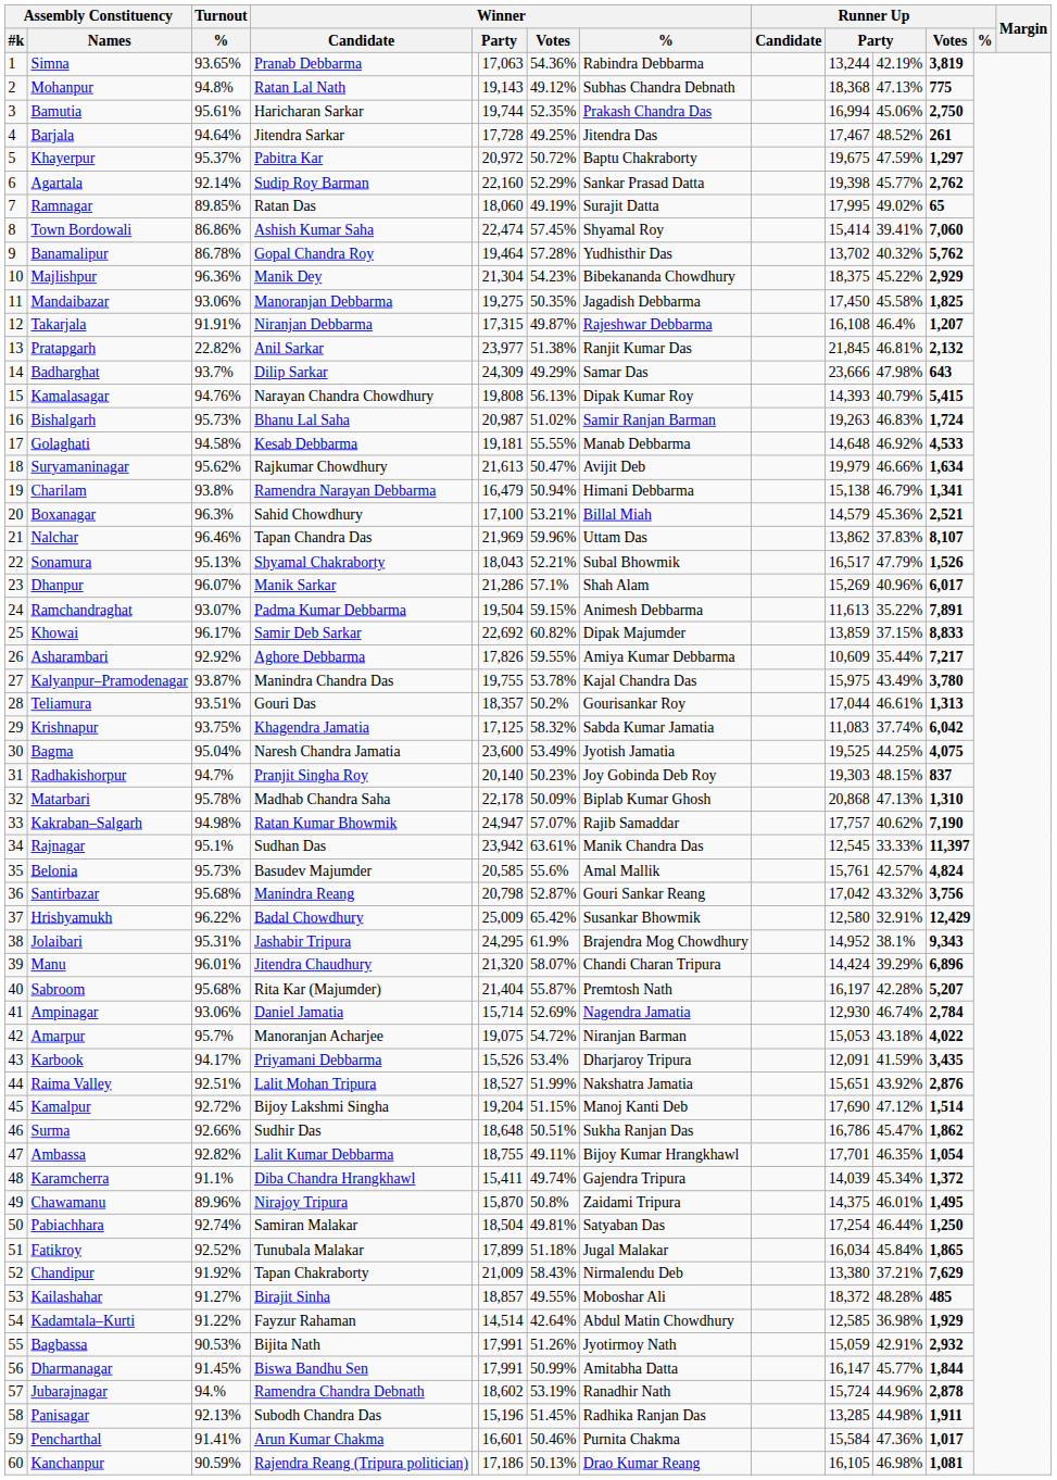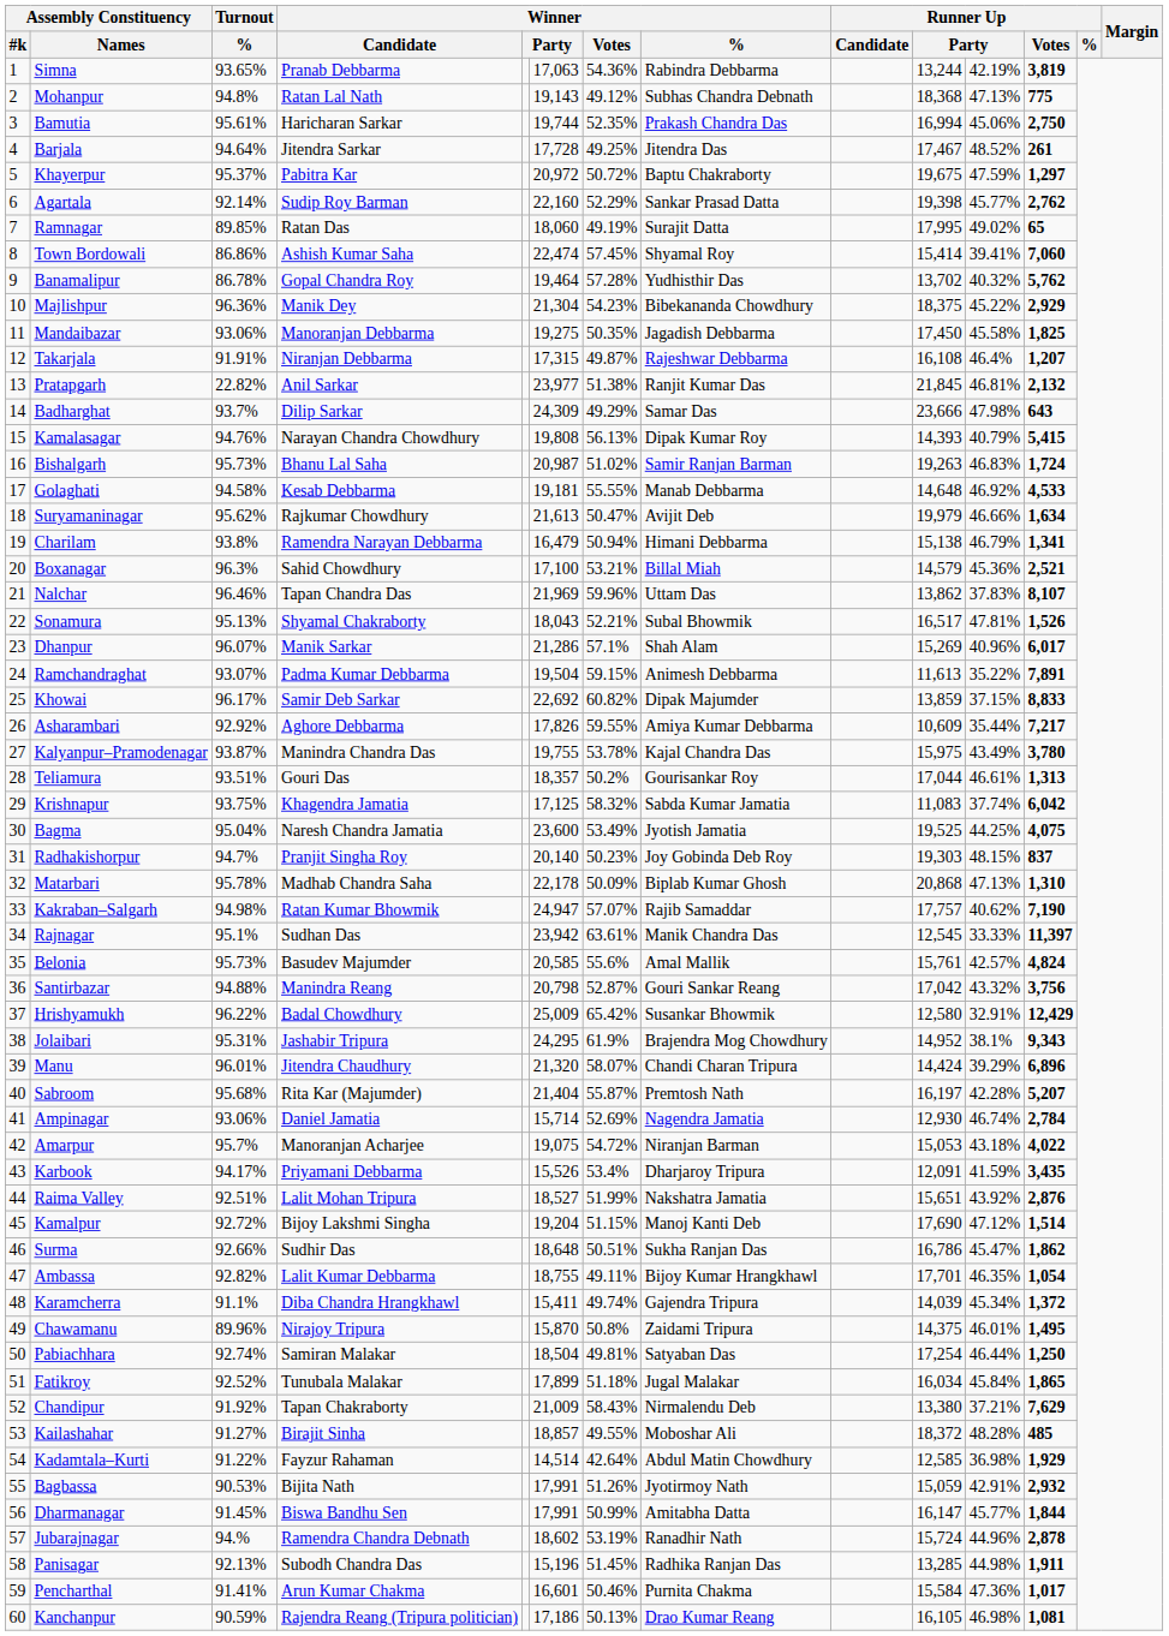 <table class="wikitable sortable">
 <tr>
 <th colspan="2">Assembly Constituency</th>
 <th>Turnout</th>
 <th colspan="5">Winner</th>
 <th colspan="5">Runner Up</th>
 <th rowspan="2" data-sort-type=number>Margin</th>
 </tr>
 <tr>
 <th>#k</th>
 <th>Names</th>
 <th>%</th>
 <th>Candidate</th>
 <th colspan="2">Party</th>
 <th data-sort-type=number>Votes</th>
 <th>%</th>
 <th>Candidate</th>
 <th colspan="2">Party</th>
 <th data-sort-type=number>Votes</th>
 <th>%</th>
 </tr>
 <tr>
 <td>1</td>
 <td><a href='#'>Simna</a></td>
 <td>93.65%</td>
 <td><a href='#'>Pranab Debbarma</a></td>
 <td></td>
 <td>17,063</td>
 <td>54.36%</td>
 <td>Rabindra Debbarma</td>
 <td></td>
 <td>13,244</td>
 <td>42.19%</td>
 <td style="background:"><span><strong>3,819</strong></span></td>
 </tr>
 <tr>
 <td>2</td>
 <td><a href='#'>Mohanpur</a></td>
 <td>94.8%</td>
 <td><a href='#'>Ratan Lal Nath</a></td>
 <td></td>
 <td>19,143</td>
 <td>49.12%</td>
 <td>Subhas Chandra Debnath</td>
 <td></td>
 <td>18,368</td>
 <td>47.13%</td>
 <td style="background:"><span><strong>775</strong></span></td>
 </tr>
 <tr>
 <td>3</td>
 <td><a href='#'>Bamutia</a></td>
 <td>95.61%</td>
 <td>Haricharan Sarkar</td>
 <td></td>
 <td>19,744</td>
 <td>52.35%</td>
 <td><a href='#'>Prakash Chandra Das</a></td>
 <td></td>
 <td>16,994</td>
 <td>45.06%</td>
 <td style="background:"><span><strong>2,750</strong></span></td>
 </tr>
 <tr>
 <td>4</td>
 <td><a href='#'>Barjala</a></td>
 <td>94.64%</td>
 <td>Jitendra Sarkar</td>
 <td></td>
 <td>17,728</td>
 <td>49.25%</td>
 <td>Jitendra Das</td>
 <td></td>
 <td>17,467</td>
 <td>48.52%</td>
 <td style="background:"><span><strong>261</strong></span></td>
 </tr>
 <tr>
 <td>5</td>
 <td><a href='#'>Khayerpur</a></td>
 <td>95.37%</td>
 <td><a href='#'>Pabitra Kar</a></td>
 <td></td>
 <td>20,972</td>
 <td>50.72%</td>
 <td>Baptu Chakraborty</td>
 <td></td>
 <td>19,675</td>
 <td>47.59%</td>
 <td style="background:"><span><strong>1,297</strong></span></td>
 </tr>
 <tr>
 <td>6</td>
 <td><a href='#'>Agartala</a></td>
 <td>92.14%</td>
 <td><a href='#'>Sudip Roy Barman</a></td>
 <td></td>
 <td>22,160</td>
 <td>52.29%</td>
 <td>Sankar Prasad Datta</td>
 <td></td>
 <td>19,398</td>
 <td>45.77%</td>
 <td style="background:"><span><strong>2,762</strong></span></td>
 </tr>
 <tr>
 <td>7</td>
 <td><a href='#'>Ramnagar</a></td>
 <td>89.85%</td>
 <td>Ratan Das</td>
 <td></td>
 <td>18,060</td>
 <td>49.19%</td>
 <td>Surajit Datta</td>
 <td></td>
 <td>17,995</td>
 <td>49.02%</td>
 <td style="background:"><span><strong>65</strong></span></td>
 </tr>
 <tr>
 <td>8</td>
 <td><a href='#'>Town Bordowali</a></td>
 <td>86.86%</td>
 <td><a href='#'>Ashish Kumar Saha</a></td>
 <td></td>
 <td>22,474</td>
 <td>57.45%</td>
 <td>Shyamal Roy</td>
 <td></td>
 <td>15,414</td>
 <td>39.41%</td>
 <td style="background:"><span><strong>7,060</strong></span></td>
 </tr>
 <tr>
 <td>9</td>
 <td><a href='#'>Banamalipur</a></td>
 <td>86.78%</td>
 <td><a href='#'>Gopal Chandra Roy</a></td>
 <td></td>
 <td>19,464</td>
 <td>57.28%</td>
 <td>Yudhisthir Das</td>
 <td></td>
 <td>13,702</td>
 <td>40.32%</td>
 <td style="background:"><span><strong>5,762</strong></span></td>
 </tr>
 <tr>
 <td>10</td>
 <td><a href='#'>Majlishpur</a></td>
 <td>96.36%</td>
 <td><a href='#'>Manik Dey</a></td>
 <td></td>
 <td>21,304</td>
 <td>54.23%</td>
 <td>Bibekananda Chowdhury</td>
 <td></td>
 <td>18,375</td>
 <td>45.22%</td>
 <td style="background:"><span><strong>2,929</strong></span></td>
 </tr>
 <tr>
 <td>11</td>
 <td><a href='#'>Mandaibazar</a></td>
 <td>93.06%</td>
 <td><a href='#'>Manoranjan Debbarma</a></td>
 <td></td>
 <td>19,275</td>
 <td>50.35%</td>
 <td>Jagadish Debbarma</td>
 <td></td>
 <td>17,450</td>
 <td>45.58%</td>
 <td style="background:"><span><strong>1,825</strong></span></td>
 </tr>
 <tr>
 <td>12</td>
 <td><a href='#'>Takarjala</a></td>
 <td>91.91%</td>
 <td><a href='#'>Niranjan Debbarma</a></td>
 <td></td>
 <td>17,315</td>
 <td>49.87%</td>
 <td><a href='#'>Rajeshwar Debbarma</a></td>
 <td></td>
 <td>16,108</td>
 <td>46.4%</td>
 <td style="background:"><span><strong>1,207</strong></span></td>
 </tr>
 <tr>
 <td>13</td>
 <td><a href='#'>Pratapgarh</a></td>
 <td>22.82%</td>
 <td><a href='#'>Anil Sarkar</a></td>
 <td></td>
 <td>23,977</td>
 <td>51.38%</td>
 <td>Ranjit Kumar Das</td>
 <td></td>
 <td>21,845</td>
 <td>46.81%</td>
 <td style="background:"><span><strong>2,132</strong></span></td>
 </tr>
 <tr>
 <td>14</td>
 <td><a href='#'>Badharghat</a></td>
 <td>93.7%</td>
 <td><a href='#'>Dilip Sarkar</a></td>
 <td></td>
 <td>24,309</td>
 <td>49.29%</td>
 <td>Samar Das</td>
 <td></td>
 <td>23,666</td>
 <td>47.98%</td>
 <td style="background:"><span><strong>643</strong></span></td>
 </tr>
 <tr>
 <td>15</td>
 <td><a href='#'>Kamalasagar</a></td>
 <td>94.76%</td>
 <td>Narayan Chandra Chowdhury</td>
 <td></td>
 <td>19,808</td>
 <td>56.13%</td>
 <td>Dipak Kumar Roy</td>
 <td></td>
 <td>14,393</td>
 <td>40.79%</td>
 <td style="background:"><span><strong>5,415</strong></span></td>
 </tr>
 <tr>
 <td>16</td>
 <td><a href='#'>Bishalgarh</a></td>
 <td>95.73%</td>
 <td><a href='#'>Bhanu Lal Saha</a></td>
 <td></td>
 <td>20,987</td>
 <td>51.02%</td>
 <td><a href='#'>Samir Ranjan Barman</a></td>
 <td></td>
 <td>19,263</td>
 <td>46.83%</td>
 <td style="background:"><span><strong>1,724</strong></span></td>
 </tr>
 <tr>
 <td>17</td>
 <td><a href='#'>Golaghati</a></td>
 <td>94.58%</td>
 <td><a href='#'>Kesab Debbarma</a></td>
 <td></td>
 <td>19,181</td>
 <td>55.55%</td>
 <td>Manab Debbarma</td>
 <td></td>
 <td>14,648</td>
 <td>46.92%</td>
 <td style="background:"><span><strong>4,533</strong></span></td>
 </tr>
 <tr>
 <td>18</td>
 <td><a href='#'>Suryamaninagar</a></td>
 <td>95.62%</td>
 <td>Rajkumar Chowdhury</td>
 <td></td>
 <td>21,613</td>
 <td>50.47%</td>
 <td>Avijit Deb</td>
 <td></td>
 <td>19,979</td>
 <td>46.66%</td>
 <td style="background:"><span><strong>1,634</strong></span></td>
 </tr>
 <tr>
 <td>19</td>
 <td><a href='#'>Charilam</a></td>
 <td>93.8%</td>
 <td><a href='#'>Ramendra Narayan Debbarma</a></td>
 <td></td>
 <td>16,479</td>
 <td>50.94%</td>
 <td>Himani Debbarma</td>
 <td></td>
 <td>15,138</td>
 <td>46.79%</td>
 <td style="background:"><span><strong>1,341</strong></span></td>
 </tr>
 <tr>
 <td>20</td>
 <td><a href='#'>Boxanagar</a></td>
 <td>96.3%</td>
 <td>Sahid Chowdhury</td>
 <td></td>
 <td>17,100</td>
 <td>53.21%</td>
 <td><a href='#'>Billal Miah</a></td>
 <td></td>
 <td>14,579</td>
 <td>45.36%</td>
 <td style="background:"><span><strong>2,521</strong></span></td>
 </tr>
 <tr>
 <td>21</td>
 <td><a href='#'>Nalchar</a></td>
 <td>96.46%</td>
 <td>Tapan Chandra Das</td>
 <td></td>
 <td>21,969</td>
 <td>59.96%</td>
 <td>Uttam Das</td>
 <td></td>
 <td>13,862</td>
 <td>37.83%</td>
 <td style="background:"><span><strong>8,107</strong></span></td>
 </tr>
 <tr>
 <td>22</td>
 <td><a href='#'>Sonamura</a></td>
 <td>95.13%</td>
 <td><a href='#'>Shyamal Chakraborty</a></td>
 <td></td>
 <td>18,043</td>
 <td>52.21%</td>
 <td>Subal Bhowmik</td>
 <td></td>
 <td>16,517</td>
-<td>47.79%</td>
+<td>47.81%</td>
 <td style="background:"><span><strong>1,526</strong></span></td>
 </tr>
 <tr>
 <td>23</td>
 <td><a href='#'>Dhanpur</a></td>
 <td>96.07%</td>
 <td><a href='#'>Manik Sarkar</a></td>
 <td></td>
 <td>21,286</td>
 <td>57.1%</td>
 <td>Shah Alam</td>
 <td></td>
 <td>15,269</td>
 <td>40.96%</td>
 <td style="background:"><span><strong>6,017</strong></span></td>
 </tr>
 <tr>
 <td>24</td>
 <td><a href='#'>Ramchandraghat</a></td>
 <td>93.07%</td>
 <td><a href='#'>Padma Kumar Debbarma</a></td>
 <td></td>
 <td>19,504</td>
 <td>59.15%</td>
 <td>Animesh Debbarma</td>
 <td></td>
 <td>11,613</td>
 <td>35.22%</td>
 <td style="background:"><span><strong>7,891</strong></span></td>
 </tr>
 <tr>
 <td>25</td>
 <td><a href='#'>Khowai</a></td>
 <td>96.17%</td>
 <td><a href='#'>Samir Deb Sarkar</a></td>
 <td></td>
 <td>22,692</td>
 <td>60.82%</td>
 <td>Dipak Majumder</td>
 <td></td>
 <td>13,859</td>
 <td>37.15%</td>
 <td style="background:"><span><strong>8,833</strong></span></td>
 </tr>
 <tr>
 <td>26</td>
 <td><a href='#'>Asharambari</a></td>
 <td>92.92%</td>
 <td><a href='#'>Aghore Debbarma</a></td>
 <td></td>
 <td>17,826</td>
 <td>59.55%</td>
 <td>Amiya Kumar Debbarma</td>
 <td></td>
 <td>10,609</td>
 <td>35.44%</td>
 <td style="background:"><span><strong>7,217</strong></span></td>
 </tr>
 <tr>
 <td>27</td>
 <td><a href='#'>Kalyanpur–Pramodenagar</a></td>
 <td>93.87%</td>
 <td>Manindra Chandra Das</td>
 <td></td>
 <td>19,755</td>
 <td>53.78%</td>
 <td>Kajal Chandra Das</td>
 <td></td>
 <td>15,975</td>
 <td>43.49%</td>
 <td style="background:"><span><strong>3,780</strong></span></td>
 </tr>
 <tr>
 <td>28</td>
 <td><a href='#'>Teliamura</a></td>
 <td>93.51%</td>
 <td>Gouri Das</td>
 <td></td>
 <td>18,357</td>
 <td>50.2%</td>
 <td>Gourisankar Roy</td>
 <td></td>
 <td>17,044</td>
 <td>46.61%</td>
 <td style="background:"><span><strong>1,313</strong></span></td>
 </tr>
 <tr>
 <td>29</td>
 <td><a href='#'>Krishnapur</a></td>
 <td>93.75%</td>
 <td><a href='#'>Khagendra Jamatia</a></td>
 <td></td>
 <td>17,125</td>
 <td>58.32%</td>
 <td>Sabda Kumar Jamatia</td>
 <td></td>
 <td>11,083</td>
 <td>37.74%</td>
 <td style="background:"><span><strong>6,042</strong></span></td>
 </tr>
 <tr>
 <td>30</td>
 <td><a href='#'>Bagma</a></td>
 <td>95.04%</td>
 <td>Naresh Chandra Jamatia</td>
 <td></td>
 <td>23,600</td>
 <td>53.49%</td>
 <td>Jyotish Jamatia</td>
 <td></td>
 <td>19,525</td>
 <td>44.25%</td>
 <td style="background:"><span><strong>4,075</strong></span></td>
 </tr>
 <tr>
 <td>31</td>
 <td><a href='#'>Radhakishorpur</a></td>
 <td>94.7%</td>
 <td><a href='#'>Pranjit Singha Roy</a></td>
 <td></td>
 <td>20,140</td>
 <td>50.23%</td>
 <td>Joy Gobinda Deb Roy</td>
 <td></td>
 <td>19,303</td>
 <td>48.15%</td>
 <td style="background:"><span><strong>837</strong></span></td>
 </tr>
 <tr>
 <td>32</td>
 <td><a href='#'>Matarbari</a></td>
 <td>95.78%</td>
 <td>Madhab Chandra Saha</td>
 <td></td>
 <td>22,178</td>
 <td>50.09%</td>
 <td>Biplab Kumar Ghosh</td>
 <td></td>
 <td>20,868</td>
 <td>47.13%</td>
 <td style="background:"><span><strong>1,310</strong></span></td>
 </tr>
 <tr>
 <td>33</td>
 <td><a href='#'>Kakraban–Salgarh</a></td>
 <td>94.98%</td>
 <td><a href='#'>Ratan Kumar Bhowmik</a></td>
 <td></td>
 <td>24,947</td>
 <td>57.07%</td>
 <td>Rajib Samaddar</td>
 <td></td>
 <td>17,757</td>
 <td>40.62%</td>
 <td style="background:"><span><strong>7,190</strong></span></td>
 </tr>
 <tr>
 <td>34</td>
 <td><a href='#'>Rajnagar</a></td>
 <td>95.1%</td>
 <td>Sudhan Das</td>
 <td></td>
 <td>23,942</td>
 <td>63.61%</td>
 <td>Manik Chandra Das</td>
 <td></td>
 <td>12,545</td>
 <td>33.33%</td>
 <td style="background:"><span><strong>11,397</strong></span></td>
 </tr>
 <tr>
 <td>35</td>
 <td><a href='#'>Belonia</a></td>
 <td>95.73%</td>
 <td>Basudev Majumder</td>
 <td></td>
 <td>20,585</td>
 <td>55.6%</td>
 <td>Amal Mallik</td>
 <td></td>
 <td>15,761</td>
 <td>42.57%</td>
 <td style="background:"><span><strong>4,824</strong></span></td>
 </tr>
 <tr>
 <td>36</td>
 <td><a href='#'>Santirbazar</a></td>
-<td>95.68%</td>
+<td>94.88%</td>
 <td><a href='#'>Manindra Reang</a></td>
 <td></td>
 <td>20,798</td>
 <td>52.87%</td>
 <td>Gouri Sankar Reang</td>
 <td></td>
 <td>17,042</td>
 <td>43.32%</td>
 <td style="background:"><span><strong>3,756</strong></span></td>
 </tr>
 <tr>
 <td>37</td>
 <td><a href='#'>Hrishyamukh</a></td>
 <td>96.22%</td>
 <td><a href='#'>Badal Chowdhury</a></td>
 <td></td>
 <td>25,009</td>
 <td>65.42%</td>
 <td>Susankar Bhowmik</td>
 <td></td>
 <td>12,580</td>
 <td>32.91%</td>
 <td style="background:"><span><strong>12,429</strong></span></td>
 </tr>
 <tr>
 <td>38</td>
 <td><a href='#'>Jolaibari</a></td>
 <td>95.31%</td>
 <td><a href='#'>Jashabir Tripura</a></td>
 <td></td>
 <td>24,295</td>
 <td>61.9%</td>
 <td>Brajendra Mog Chowdhury</td>
 <td></td>
 <td>14,952</td>
 <td>38.1%</td>
 <td style="background:"><span><strong>9,343</strong></span></td>
 </tr>
 <tr>
 <td>39</td>
 <td><a href='#'>Manu</a></td>
 <td>96.01%</td>
 <td><a href='#'>Jitendra Chaudhury</a></td>
 <td></td>
 <td>21,320</td>
 <td>58.07%</td>
 <td>Chandi Charan Tripura</td>
 <td></td>
 <td>14,424</td>
 <td>39.29%</td>
 <td style="background:"><span><strong>6,896</strong></span></td>
 </tr>
 <tr>
 <td>40</td>
 <td><a href='#'>Sabroom</a></td>
 <td>95.68%</td>
 <td>Rita Kar (Majumder)</td>
 <td></td>
 <td>21,404</td>
 <td>55.87%</td>
 <td>Premtosh Nath</td>
 <td></td>
 <td>16,197</td>
 <td>42.28%</td>
 <td style="background:"><span><strong>5,207</strong></span></td>
 </tr>
 <tr>
 <td>41</td>
 <td><a href='#'>Ampinagar</a></td>
 <td>93.06%</td>
 <td><a href='#'>Daniel Jamatia</a></td>
 <td></td>
 <td>15,714</td>
 <td>52.69%</td>
 <td><a href='#'>Nagendra Jamatia</a></td>
 <td></td>
 <td>12,930</td>
 <td>46.74%</td>
 <td style="background:"><span><strong>2,784</strong></span></td>
 </tr>
 <tr>
 <td>42</td>
 <td><a href='#'>Amarpur</a></td>
 <td>95.7%</td>
 <td>Manoranjan Acharjee</td>
 <td></td>
 <td>19,075</td>
 <td>54.72%</td>
 <td>Niranjan Barman</td>
 <td></td>
 <td>15,053</td>
 <td>43.18%</td>
 <td style="background:"><span><strong>4,022</strong></span></td>
 </tr>
 <tr>
 <td>43</td>
 <td><a href='#'>Karbook</a></td>
 <td>94.17%</td>
 <td><a href='#'>Priyamani Debbarma</a></td>
 <td></td>
 <td>15,526</td>
 <td>53.4%</td>
 <td>Dharjaroy Tripura</td>
 <td></td>
 <td>12,091</td>
 <td>41.59%</td>
 <td style="background:"><span><strong>3,435</strong></span></td>
 </tr>
 <tr>
 <td>44</td>
 <td><a href='#'>Raima Valley</a></td>
 <td>92.51%</td>
 <td><a href='#'>Lalit Mohan Tripura</a></td>
 <td></td>
 <td>18,527</td>
 <td>51.99%</td>
 <td>Nakshatra Jamatia</td>
 <td></td>
 <td>15,651</td>
 <td>43.92%</td>
 <td style="background:"><span><strong>2,876</strong></span></td>
 </tr>
 <tr>
 <td>45</td>
 <td><a href='#'>Kamalpur</a></td>
 <td>92.72%</td>
 <td>Bijoy Lakshmi Singha</td>
 <td></td>
 <td>19,204</td>
 <td>51.15%</td>
 <td>Manoj Kanti Deb</td>
 <td></td>
 <td>17,690</td>
 <td>47.12%</td>
 <td style="background:"><span><strong>1,514</strong></span></td>
 </tr>
 <tr>
 <td>46</td>
 <td><a href='#'>Surma</a></td>
 <td>92.66%</td>
 <td>Sudhir Das</td>
 <td></td>
 <td>18,648</td>
 <td>50.51%</td>
 <td>Sukha Ranjan Das</td>
 <td></td>
 <td>16,786</td>
 <td>45.47%</td>
 <td style="background:"><span><strong>1,862</strong></span></td>
 </tr>
 <tr>
 <td>47</td>
 <td><a href='#'>Ambassa</a></td>
 <td>92.82%</td>
 <td><a href='#'>Lalit Kumar Debbarma</a></td>
 <td></td>
 <td>18,755</td>
 <td>49.11%</td>
 <td>Bijoy Kumar Hrangkhawl</td>
 <td></td>
 <td>17,701</td>
 <td>46.35%</td>
 <td style="background:"><span><strong>1,054</strong></span></td>
 </tr>
 <tr>
 <td>48</td>
 <td><a href='#'>Karamcherra</a></td>
 <td>91.1%</td>
 <td><a href='#'>Diba Chandra Hrangkhawl</a></td>
 <td></td>
 <td>15,411</td>
 <td>49.74%</td>
 <td>Gajendra Tripura</td>
 <td></td>
 <td>14,039</td>
 <td>45.34%</td>
 <td style="background:"><span><strong>1,372</strong></span></td>
 </tr>
 <tr>
 <td>49</td>
 <td><a href='#'>Chawamanu</a></td>
 <td>89.96%</td>
 <td><a href='#'>Nirajoy Tripura</a></td>
 <td></td>
 <td>15,870</td>
 <td>50.8%</td>
 <td>Zaidami Tripura</td>
 <td></td>
 <td>14,375</td>
 <td>46.01%</td>
 <td style="background:"><span><strong>1,495</strong></span></td>
 </tr>
 <tr>
 <td>50</td>
 <td><a href='#'>Pabiachhara</a></td>
 <td>92.74%</td>
 <td>Samiran Malakar</td>
 <td></td>
 <td>18,504</td>
 <td>49.81%</td>
 <td>Satyaban Das</td>
 <td></td>
 <td>17,254</td>
 <td>46.44%</td>
 <td style="background:"><span><strong>1,250</strong></span></td>
 </tr>
 <tr>
 <td>51</td>
 <td><a href='#'>Fatikroy</a></td>
 <td>92.52%</td>
 <td>Tunubala Malakar</td>
 <td></td>
 <td>17,899</td>
 <td>51.18%</td>
 <td>Jugal Malakar</td>
 <td></td>
 <td>16,034</td>
 <td>45.84%</td>
 <td style="background:"><span><strong>1,865</strong></span></td>
 </tr>
 <tr>
 <td>52</td>
 <td><a href='#'>Chandipur</a></td>
 <td>91.92%</td>
 <td>Tapan Chakraborty</td>
 <td></td>
 <td>21,009</td>
 <td>58.43%</td>
 <td>Nirmalendu Deb</td>
 <td></td>
 <td>13,380</td>
 <td>37.21%</td>
 <td style="background:"><span><strong>7,629</strong></span></td>
 </tr>
 <tr>
 <td>53</td>
 <td><a href='#'>Kailashahar</a></td>
 <td>91.27%</td>
 <td><a href='#'>Birajit Sinha</a></td>
 <td></td>
 <td>18,857</td>
 <td>49.55%</td>
 <td>Moboshar Ali</td>
 <td></td>
 <td>18,372</td>
 <td>48.28%</td>
 <td style="background:"><span><strong>485</strong></span></td>
 </tr>
 <tr>
 <td>54</td>
 <td><a href='#'>Kadamtala–Kurti</a></td>
 <td>91.22%</td>
 <td>Fayzur Rahaman</td>
 <td></td>
 <td>14,514</td>
 <td>42.64%</td>
 <td>Abdul Matin Chowdhury</td>
 <td></td>
 <td>12,585</td>
 <td>36.98%</td>
 <td style="background:"><span><strong>1,929</strong></span></td>
 </tr>
 <tr>
 <td>55</td>
 <td><a href='#'>Bagbassa</a></td>
 <td>90.53%</td>
 <td>Bijita Nath</td>
 <td></td>
 <td>17,991</td>
 <td>51.26%</td>
 <td>Jyotirmoy Nath</td>
 <td></td>
 <td>15,059</td>
 <td>42.91%</td>
 <td style="background:"><span><strong>2,932</strong></span></td>
 </tr>
 <tr>
 <td>56</td>
 <td><a href='#'>Dharmanagar</a></td>
 <td>91.45%</td>
 <td><a href='#'>Biswa Bandhu Sen</a></td>
 <td></td>
 <td>17,991</td>
 <td>50.99%</td>
 <td>Amitabha Datta</td>
 <td></td>
 <td>16,147</td>
 <td>45.77%</td>
 <td style="background:"><span><strong>1,844</strong></span></td>
 </tr>
 <tr>
 <td>57</td>
 <td><a href='#'>Jubarajnagar</a></td>
 <td>94.%</td>
 <td><a href='#'>Ramendra Chandra Debnath</a></td>
 <td></td>
 <td>18,602</td>
 <td>53.19%</td>
 <td>Ranadhir Nath</td>
 <td></td>
 <td>15,724</td>
 <td>44.96%</td>
 <td style="background:"><span><strong>2,878</strong></span></td>
 </tr>
 <tr>
 <td>58</td>
 <td><a href='#'>Panisagar</a></td>
 <td>92.13%</td>
 <td>Subodh Chandra Das</td>
 <td></td>
 <td>15,196</td>
 <td>51.45%</td>
 <td>Radhika Ranjan Das</td>
 <td></td>
 <td>13,285</td>
 <td>44.98%</td>
 <td style="background:"><span><strong>1,911</strong></span></td>
 </tr>
 <tr>
 <td>59</td>
 <td><a href='#'>Pencharthal</a></td>
 <td>91.41%</td>
 <td><a href='#'>Arun Kumar Chakma</a></td>
 <td></td>
 <td>16,601</td>
 <td>50.46%</td>
 <td>Purnita Chakma</td>
 <td></td>
 <td>15,584</td>
 <td>47.36%</td>
 <td style="background:"><span><strong>1,017</strong></span></td>
 </tr>
 <tr>
 <td>60</td>
 <td><a href='#'>Kanchanpur</a></td>
 <td>90.59%</td>
 <td><a href='#'>Rajendra Reang (Tripura politician)</a></td>
 <td></td>
 <td>17,186</td>
 <td>50.13%</td>
 <td><a href='#'>Drao Kumar Reang</a></td>
 <td></td>
 <td>16,105</td>
 <td>46.98%</td>
 <td style="background:"><span><strong>1,081</strong></span></td>
 </tr>
 </table>
